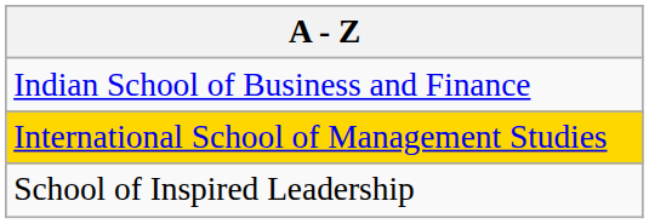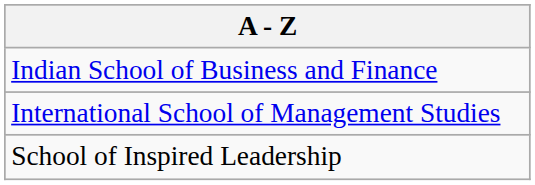 <table class="wikitable collapsible">
 <tr>
 <th scope="col" width="300" align="center">A - Z</th>
 </tr>
 <tr>
 <td><a href='#'>Indian School of Business and Finance</a></td>
 </tr>
 <tr>
-<td style="background: gold;"><a href='#'>International School of Management Studies</a></td>
+<td><a href='#'>International School of Management Studies</a></td>
 </tr>
 <tr>
 <td>School of Inspired Leadership</td>
 </tr>
 </table>
